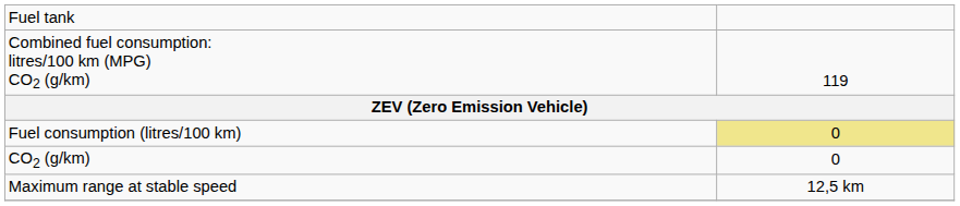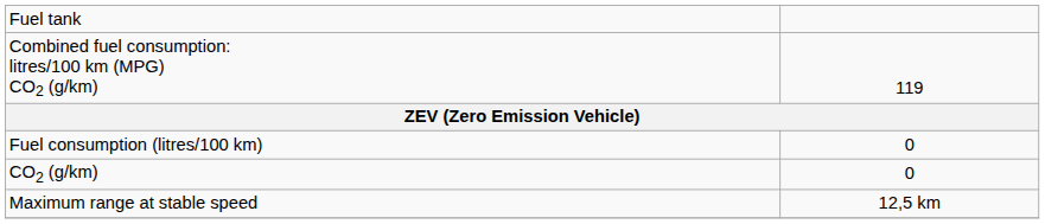 <table class="wikitable" width="75%">
 <tr>
 <td width="75%">Fuel tank</td>
 <td align="center"></td>
 </tr>
 <tr>
 <td width="75%">Combined fuel consumption:<br>litres/100 km (MPG)<br>CO<sub>2</sub> (g/km)</td>
 <td align="center"><br><br>119</td>
 </tr>
 <tr>
 <th colspan="2">ZEV (Zero Emission Vehicle)</th>
 </tr>
 <tr>
 <td width="75%">Fuel consumption (litres/100 km)</td>
-<td align="center" style="background: khaki;">0</td>
+<td align="center">0</td>
 </tr>
 <tr>
 <td width="75%">CO<sub>2</sub> (g/km)</td>
 <td align="center">0</td>
 </tr>
 <tr>
 <td width="75%">Maximum range at stable speed</td>
 <td align="center">12,5 km</td>
 </tr>
 <tr>
 </tr>
 </table>
